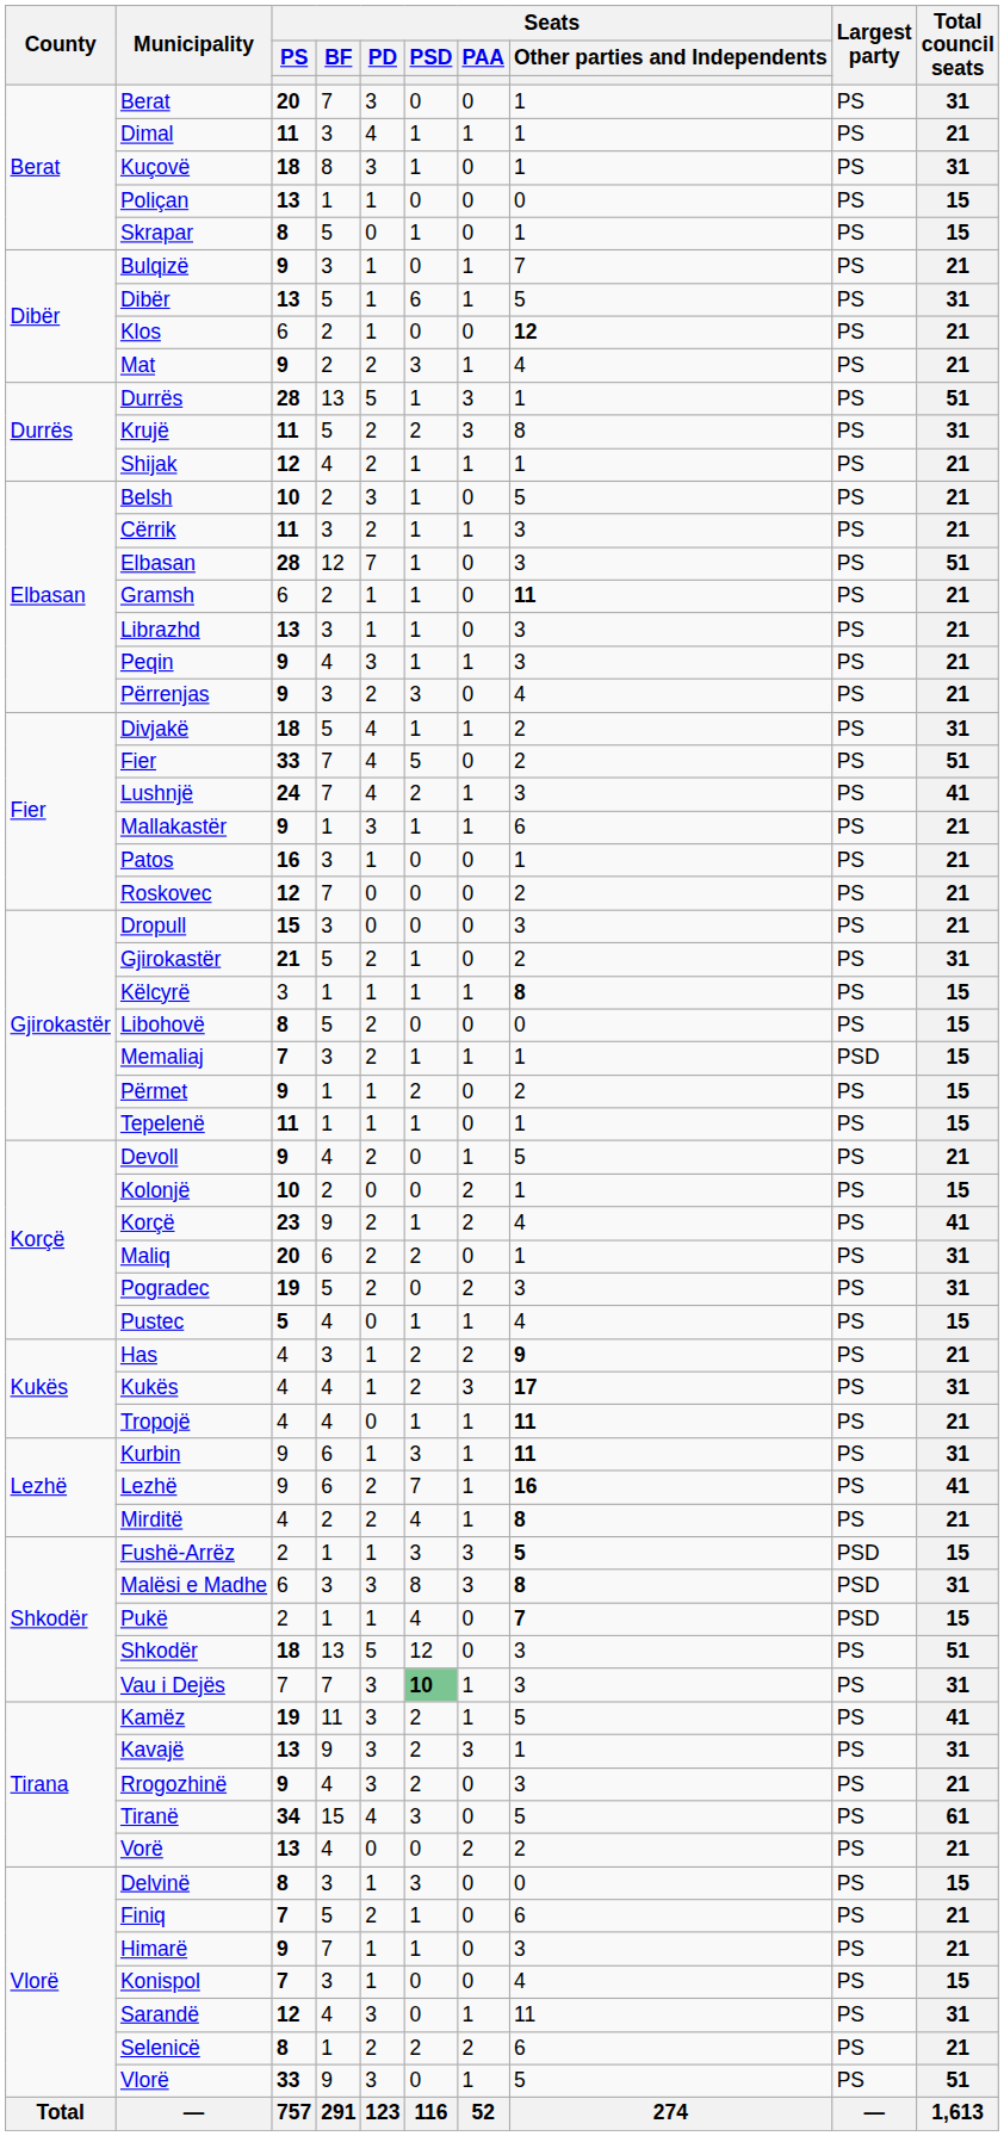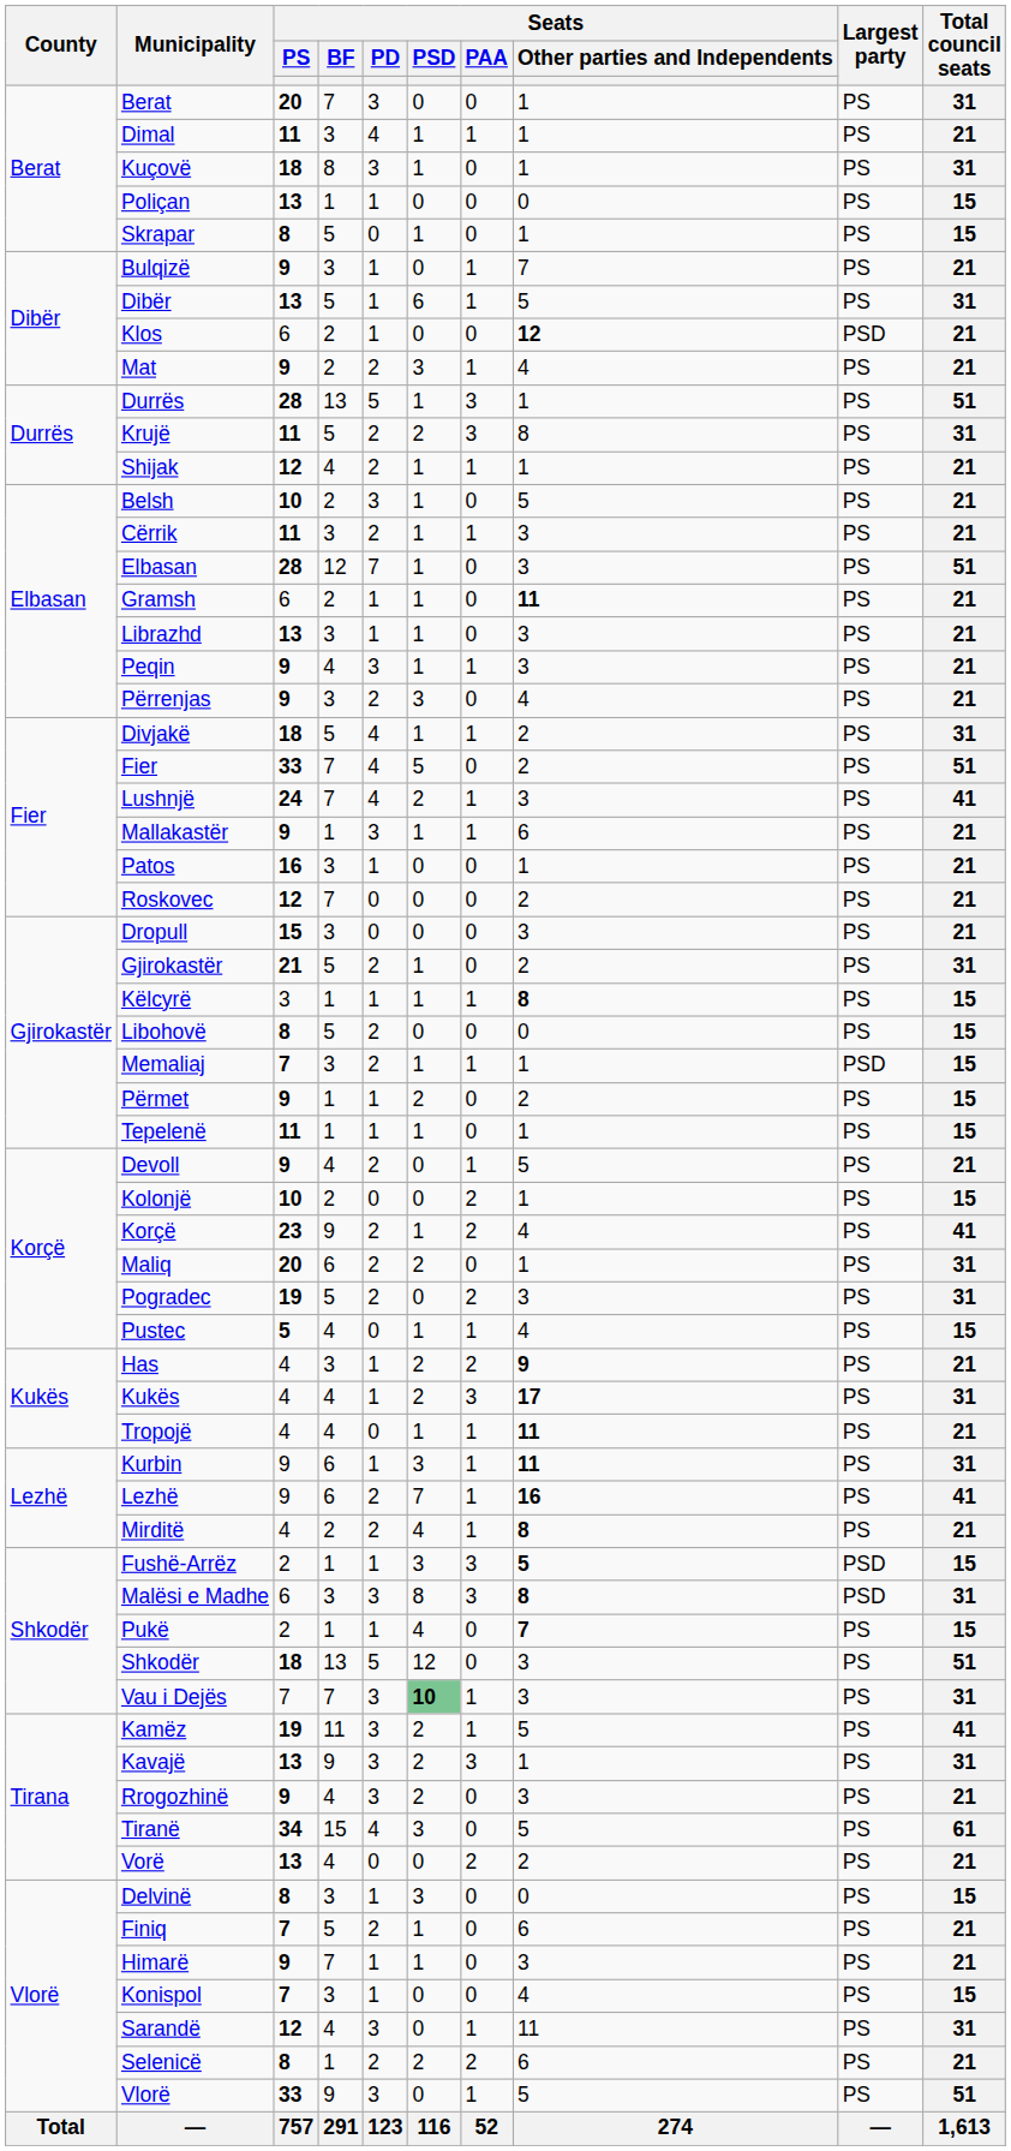 <table class="wikitable sortable tpl-blanktablele">
 <tr>
 <th rowspan="3">County</th>
 <th rowspan="3">Municipality</th>
 <th colspan=6>Seats</th>
 <th class="unsortable" style="width:30px;"  rowspan=3>Largest party</th>
 <th style="width:30px;" rowspan=3>Total council seats</th>
 </tr>
 <tr>
 <th><a href='#'>PS</a></th>
 <th><a href='#'>BF</a></th>
 <th><a href='#'>PD</a></th>
 <th><a href='#'>PSD</a></th>
 <th><a href='#'>PAA</a></th>
 <th>Other parties and Independents</th>
 </tr>
 <tr>
 <th style="background:"></th>
 <th style="background:"></th>
 <th style="background:"></th>
 <th style="background:"></th>
 <th style="background:"></th>
 <th style="background:"></th>
 </tr>
 <tr>
 <td rowspan="5"><a href='#'>Berat</a></td>
 <td><a href='#'>Berat</a></td>
 <td><strong>20</strong></td>
 <td>7</td>
 <td>3</td>
 <td>0</td>
 <td>0</td>
 <td>1</td>
 <td>PS</td>
 <th>31</th>
 </tr>
 <tr>
 <td><a href='#'>Dimal</a></td>
 <td><strong>11</strong></td>
 <td>3</td>
 <td>4</td>
 <td>1</td>
 <td>1</td>
 <td>1</td>
 <td>PS</td>
 <th>21</th>
 </tr>
 <tr>
 <td><a href='#'>Kuçovë</a></td>
 <td><strong>18</strong></td>
 <td>8</td>
 <td>3</td>
 <td>1</td>
 <td>0</td>
 <td>1</td>
 <td>PS</td>
 <th>31</th>
 </tr>
 <tr>
 <td><a href='#'>Poliçan</a></td>
 <td><strong>13</strong></td>
 <td>1</td>
 <td>1</td>
 <td>0</td>
 <td>0</td>
 <td>0</td>
 <td>PS</td>
 <th>15</th>
 </tr>
 <tr>
 <td><a href='#'>Skrapar</a></td>
 <td><strong>8</strong></td>
 <td>5</td>
 <td>0</td>
 <td>1</td>
 <td>0</td>
 <td>1</td>
 <td>PS</td>
 <th>15</th>
 </tr>
 <tr>
 <td rowspan="4"><a href='#'>Dibër</a></td>
 <td><a href='#'>Bulqizë</a></td>
 <td><strong>9</strong></td>
 <td>3</td>
 <td>1</td>
 <td>0</td>
 <td>1</td>
 <td>7</td>
 <td>PS</td>
 <th>21</th>
 </tr>
 <tr>
 <td><a href='#'>Dibër</a></td>
 <td><strong>13</strong></td>
 <td>5</td>
 <td>1</td>
 <td>6</td>
 <td>1</td>
 <td>5</td>
 <td>PS</td>
 <th>31</th>
 </tr>
 <tr>
 <td><a href='#'>Klos</a></td>
 <td>6</td>
 <td>2</td>
 <td>1</td>
 <td>0</td>
 <td>0</td>
 <td><strong>12</strong></td>
-<td>PS</td>
+<td>PSD</td>
 <th>21</th>
 </tr>
 <tr>
 <td><a href='#'>Mat</a></td>
 <td><strong>9</strong></td>
 <td>2</td>
 <td>2</td>
 <td>3</td>
 <td>1</td>
 <td>4</td>
 <td>PS</td>
 <th>21</th>
 </tr>
 <tr>
 <td rowspan="3"><a href='#'>Durrës</a></td>
 <td><a href='#'>Durrës</a></td>
 <td><strong>28</strong></td>
 <td>13</td>
 <td>5</td>
 <td>1</td>
 <td>3</td>
 <td>1</td>
 <td>PS</td>
 <th>51</th>
 </tr>
 <tr>
 <td><a href='#'>Krujë</a></td>
 <td><strong>11</strong></td>
 <td>5</td>
 <td>2</td>
 <td>2</td>
 <td>3</td>
 <td>8</td>
 <td>PS</td>
 <th>31</th>
 </tr>
 <tr>
 <td><a href='#'>Shijak</a></td>
 <td><strong>12</strong></td>
 <td>4</td>
 <td>2</td>
 <td>1</td>
 <td>1</td>
 <td>1</td>
 <td>PS</td>
 <th>21</th>
 </tr>
 <tr>
 <td rowspan="7"><a href='#'>Elbasan</a></td>
 <td><a href='#'>Belsh</a></td>
 <td><strong>10</strong></td>
 <td>2</td>
 <td>3</td>
 <td>1</td>
 <td>0</td>
 <td>5</td>
 <td>PS</td>
 <th>21</th>
 </tr>
 <tr>
 <td><a href='#'>Cërrik</a></td>
 <td><strong>11</strong></td>
 <td>3</td>
 <td>2</td>
 <td>1</td>
 <td>1</td>
 <td>3</td>
 <td>PS</td>
 <th>21</th>
 </tr>
 <tr>
 <td><a href='#'>Elbasan</a></td>
 <td><strong>28</strong></td>
 <td>12</td>
 <td>7</td>
 <td>1</td>
 <td>0</td>
 <td>3</td>
 <td>PS</td>
 <th>51</th>
 </tr>
 <tr>
 <td><a href='#'>Gramsh</a></td>
 <td class="hintergrundfarbe9">6</td>
 <td>2</td>
 <td>1</td>
 <td>1</td>
 <td>0</td>
 <td><strong>11</strong></td>
 <td>PS</td>
 <th>21</th>
 </tr>
 <tr>
 <td><a href='#'>Librazhd</a></td>
 <td><strong>13</strong></td>
 <td>3</td>
 <td>1</td>
 <td>1</td>
 <td>0</td>
 <td>3</td>
 <td>PS</td>
 <th>21</th>
 </tr>
 <tr>
 <td><a href='#'>Peqin</a></td>
 <td><strong>9</strong></td>
 <td>4</td>
 <td>3</td>
 <td>1</td>
 <td>1</td>
 <td>3</td>
 <td>PS</td>
 <th>21</th>
 </tr>
 <tr>
 <td><a href='#'>Përrenjas</a></td>
 <td><strong>9</strong></td>
 <td>3</td>
 <td>2</td>
 <td>3</td>
 <td>0</td>
 <td>4</td>
 <td>PS</td>
 <th>21</th>
 </tr>
 <tr>
 <td rowspan="6"><a href='#'>Fier</a></td>
 <td><a href='#'>Divjakë</a></td>
 <td><strong>18</strong></td>
 <td>5</td>
 <td>4</td>
 <td>1</td>
 <td>1</td>
 <td>2</td>
 <td>PS</td>
 <th>31</th>
 </tr>
 <tr>
 <td><a href='#'>Fier</a></td>
 <td><strong>33</strong></td>
 <td>7</td>
 <td>4</td>
 <td>5</td>
 <td>0</td>
 <td>2</td>
 <td>PS</td>
 <th>51</th>
 </tr>
 <tr>
 <td><a href='#'>Lushnjë</a></td>
 <td><strong>24</strong></td>
 <td>7</td>
 <td>4</td>
 <td>2</td>
 <td>1</td>
 <td>3</td>
 <td>PS</td>
 <th>41</th>
 </tr>
 <tr>
 <td><a href='#'>Mallakastër</a></td>
 <td><strong>9</strong></td>
 <td>1</td>
 <td>3</td>
 <td>1</td>
 <td>1</td>
 <td>6</td>
 <td>PS</td>
 <th>21</th>
 </tr>
 <tr>
 <td><a href='#'>Patos</a></td>
 <td><strong>16</strong></td>
 <td>3</td>
 <td>1</td>
 <td>0</td>
 <td>0</td>
 <td>1</td>
 <td>PS</td>
 <th>21</th>
 </tr>
 <tr>
 <td><a href='#'>Roskovec</a></td>
 <td><strong>12</strong></td>
 <td>7</td>
 <td>0</td>
 <td>0</td>
 <td>0</td>
 <td>2</td>
 <td>PS</td>
 <th>21</th>
 </tr>
 <tr>
 <td rowspan="7"><a href='#'>Gjirokastër</a></td>
 <td><a href='#'>Dropull</a></td>
 <td><strong>15</strong></td>
 <td>3</td>
 <td>0</td>
 <td>0</td>
 <td>0</td>
 <td>3</td>
 <td>PS</td>
 <th>21</th>
 </tr>
 <tr>
 <td><a href='#'>Gjirokastër</a></td>
 <td><strong>21</strong></td>
 <td>5</td>
 <td>2</td>
 <td>1</td>
 <td>0</td>
 <td>2</td>
 <td>PS</td>
 <th>31</th>
 </tr>
 <tr>
 <td><a href='#'>Këlcyrë</a></td>
 <td class="hintergrundfarbe9">3</td>
 <td>1</td>
 <td>1</td>
 <td>1</td>
 <td>1</td>
 <td><strong>8</strong></td>
 <td>PS</td>
 <th>15</th>
 </tr>
 <tr>
 <td><a href='#'>Libohovë</a></td>
 <td><strong>8</strong></td>
 <td>5</td>
 <td>2</td>
 <td>0</td>
 <td>0</td>
 <td>0</td>
 <td>PS</td>
 <th>15</th>
 </tr>
 <tr>
 <td><a href='#'>Memaliaj</a></td>
 <td><strong>7</strong></td>
 <td>3</td>
 <td>2</td>
 <td>1</td>
 <td>1</td>
 <td>1</td>
 <td>PSD</td>
 <th>15</th>
 </tr>
 <tr>
 <td><a href='#'>Përmet</a></td>
 <td><strong>9</strong></td>
 <td>1</td>
 <td>1</td>
 <td>2</td>
 <td>0</td>
 <td>2</td>
 <td>PS</td>
 <th>15</th>
 </tr>
 <tr>
 <td><a href='#'>Tepelenë</a></td>
 <td><strong>11</strong></td>
 <td>1</td>
 <td>1</td>
 <td>1</td>
 <td>0</td>
 <td>1</td>
 <td>PS</td>
 <th>15</th>
 </tr>
 <tr>
 <td rowspan="6"><a href='#'>Korçë</a></td>
 <td><a href='#'>Devoll</a></td>
 <td><strong>9</strong></td>
 <td>4</td>
 <td>2</td>
 <td>0</td>
 <td>1</td>
 <td>5</td>
 <td>PS</td>
 <th>21</th>
 </tr>
 <tr>
 <td><a href='#'>Kolonjë</a></td>
 <td><strong>10</strong></td>
 <td>2</td>
 <td>0</td>
 <td>0</td>
 <td>2</td>
 <td>1</td>
 <td>PS</td>
 <th>15</th>
 </tr>
 <tr>
 <td><a href='#'>Korçë</a></td>
 <td><strong>23</strong></td>
 <td>9</td>
 <td>2</td>
 <td>1</td>
 <td>2</td>
 <td>4</td>
 <td>PS</td>
 <th>41</th>
 </tr>
 <tr>
 <td><a href='#'>Maliq</a></td>
 <td><strong>20</strong></td>
 <td>6</td>
 <td>2</td>
 <td>2</td>
 <td>0</td>
 <td>1</td>
 <td>PS</td>
 <th>31</th>
 </tr>
 <tr>
 <td><a href='#'>Pogradec</a></td>
 <td><strong>19</strong></td>
 <td>5</td>
 <td>2</td>
 <td>0</td>
 <td>2</td>
 <td>3</td>
 <td>PS</td>
 <th>31</th>
 </tr>
 <tr>
 <td><a href='#'>Pustec</a></td>
 <td><strong>5</strong></td>
 <td>4</td>
 <td>0</td>
 <td>1</td>
 <td>1</td>
 <td>4</td>
 <td>PS</td>
 <th>15</th>
 </tr>
 <tr>
 <td rowspan="3"><a href='#'>Kukës</a></td>
 <td><a href='#'>Has</a></td>
 <td class="hintergrundfarbe9">4</td>
 <td>3</td>
 <td>1</td>
 <td>2</td>
 <td>2</td>
 <td><strong>9</strong></td>
 <td>PS</td>
 <th>21</th>
 </tr>
 <tr>
 <td><a href='#'>Kukës</a></td>
 <td class="hintergrundfarbe9">4</td>
 <td>4</td>
 <td>1</td>
 <td>2</td>
 <td>3</td>
 <td><strong>17</strong></td>
 <td>PS</td>
 <th>31</th>
 </tr>
 <tr>
 <td><a href='#'>Tropojë</a></td>
 <td class="hintergrundfarbe9">4</td>
 <td>4</td>
 <td>0</td>
 <td>1</td>
 <td>1</td>
 <td><strong>11</strong></td>
 <td>PS</td>
 <th>21</th>
 </tr>
 <tr>
 <td rowspan="3"><a href='#'>Lezhë</a></td>
 <td><a href='#'>Kurbin</a></td>
 <td class="hintergrundfarbe9">9</td>
 <td>6</td>
 <td>1</td>
 <td>3</td>
 <td>1</td>
 <td><strong>11</strong></td>
 <td>PS</td>
 <th>31</th>
 </tr>
 <tr>
 <td><a href='#'>Lezhë</a></td>
 <td class="hintergrundfarbe9">9</td>
 <td>6</td>
 <td>2</td>
 <td>7</td>
 <td>1</td>
 <td><strong>16</strong></td>
 <td>PS</td>
 <th>41</th>
 </tr>
 <tr>
 <td><a href='#'>Mirditë</a></td>
 <td class="hintergrundfarbe9">4</td>
 <td>2</td>
 <td>2</td>
 <td>4</td>
 <td>1</td>
 <td><strong>8</strong></td>
 <td>PS</td>
 <th>21</th>
 </tr>
 <tr>
 <td rowspan="5"><a href='#'>Shkodër</a></td>
 <td><a href='#'>Fushë-Arrëz</a></td>
 <td class="hintergrundfarbe9">2</td>
 <td>1</td>
 <td>1</td>
 <td>3</td>
 <td>3</td>
 <td><strong>5</strong></td>
 <td>PSD</td>
 <th>15</th>
 </tr>
 <tr>
 <td><a href='#'>Malësi e Madhe</a></td>
 <td class="hintergrundfarbe9">6</td>
 <td>3</td>
 <td>3</td>
 <td>8</td>
 <td>3</td>
 <td><strong>8</strong></td>
 <td>PSD</td>
 <th>31</th>
 </tr>
 <tr>
 <td><a href='#'>Pukë</a></td>
 <td class="hintergrundfarbe9">2</td>
 <td>1</td>
 <td>1</td>
 <td>4</td>
 <td>0</td>
 <td><strong>7</strong></td>
-<td>PSD</td>
+<td>PS</td>
 <th>15</th>
 </tr>
 <tr>
 <td><a href='#'>Shkodër</a></td>
 <td><strong>18</strong></td>
 <td>13</td>
 <td>5</td>
 <td>12</td>
 <td>0</td>
 <td>3</td>
 <td>PS</td>
 <th>51</th>
 </tr>
 <tr>
 <td><a href='#'>Vau i Dejës</a></td>
 <td class="hintergrundfarbe9">7</td>
 <td>7</td>
 <td>3</td>
 <td style="background:#7BC592FF"><strong>10</strong></td>
 <td>1</td>
 <td>3</td>
 <td>PS</td>
 <th>31</th>
 </tr>
 <tr>
 <td rowspan="5"><a href='#'>Tirana</a></td>
 <td><a href='#'>Kamëz</a></td>
 <td><strong>19</strong></td>
 <td>11</td>
 <td>3</td>
 <td>2</td>
 <td>1</td>
 <td>5</td>
 <td>PS</td>
 <th>41</th>
 </tr>
 <tr>
 <td><a href='#'>Kavajë</a></td>
 <td><strong>13</strong></td>
 <td>9</td>
 <td>3</td>
 <td>2</td>
 <td>3</td>
 <td>1</td>
 <td>PS</td>
 <th>31</th>
 </tr>
 <tr>
 <td><a href='#'>Rrogozhinë</a></td>
 <td><strong>9</strong></td>
 <td>4</td>
 <td>3</td>
 <td>2</td>
 <td>0</td>
 <td>3</td>
 <td>PS</td>
 <th>21</th>
 </tr>
 <tr>
 <td><a href='#'>Tiranë</a></td>
 <td><strong>34</strong></td>
 <td>15</td>
 <td>4</td>
 <td>3</td>
 <td>0</td>
 <td>5</td>
 <td>PS</td>
 <th>61</th>
 </tr>
 <tr>
 <td><a href='#'>Vorë</a></td>
 <td><strong>13</strong></td>
 <td>4</td>
 <td>0</td>
 <td>0</td>
 <td>2</td>
 <td>2</td>
 <td>PS</td>
 <th>21</th>
 </tr>
 <tr>
 <td rowspan="7"><a href='#'>Vlorë</a></td>
 <td><a href='#'>Delvinë</a></td>
 <td><strong>8</strong></td>
 <td>3</td>
 <td>1</td>
 <td>3</td>
 <td>0</td>
 <td>0</td>
 <td>PS</td>
 <th>15</th>
 </tr>
 <tr>
 <td><a href='#'>Finiq</a></td>
 <td><strong>7</strong></td>
 <td>5</td>
 <td>2</td>
 <td>1</td>
 <td>0</td>
 <td>6</td>
 <td>PS</td>
 <th>21</th>
 </tr>
 <tr>
 <td><a href='#'>Himarë</a></td>
 <td><strong>9</strong></td>
 <td>7</td>
 <td>1</td>
 <td>1</td>
 <td>0</td>
 <td>3</td>
 <td>PS</td>
 <th>21</th>
 </tr>
 <tr>
 <td><a href='#'>Konispol</a></td>
 <td><strong>7</strong></td>
 <td>3</td>
 <td>1</td>
 <td>0</td>
 <td>0</td>
 <td>4</td>
 <td>PS</td>
 <th>15</th>
 </tr>
 <tr>
 <td><a href='#'>Sarandë</a></td>
 <td><strong>12</strong></td>
 <td>4</td>
 <td>3</td>
 <td>0</td>
 <td>1</td>
 <td>11</td>
 <td>PS</td>
 <th>31</th>
 </tr>
 <tr>
 <td><a href='#'>Selenicë</a></td>
 <td><strong>8</strong></td>
 <td>1</td>
 <td>2</td>
 <td>2</td>
 <td>2</td>
 <td>6</td>
 <td>PS</td>
 <th>21</th>
 </tr>
 <tr>
 <td><a href='#'>Vlorë</a></td>
 <td><strong>33</strong></td>
 <td>9</td>
 <td>3</td>
 <td>0</td>
 <td>1</td>
 <td>5</td>
 <td>PS</td>
 <th>51</th>
 </tr>
 <tr>
 <th><strong>Total</strong></th>
 <th>—</th>
 <th>757</th>
 <th>291</th>
 <th>123</th>
 <th>116</th>
 <th>52</th>
 <th>274</th>
 <th>—</th>
 <th>1,613</th>
 </tr>
 </table>
